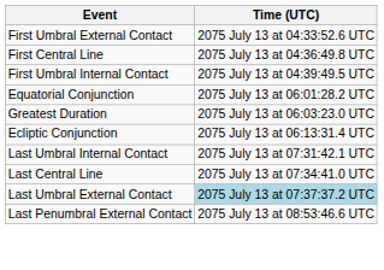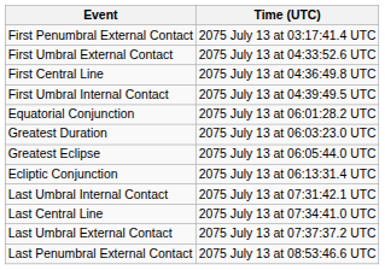 <table class="wikitable">
 <tr>
 <th>Event</th>
 <th>Time (UTC)</th>
+</tr>
+<tr>
+<td>First Penumbral External Contact</td>
+<td>2075 July 13 at 03:17:41.4 UTC</td>
 </tr>
 <tr>
 <td>First Umbral External Contact</td>
 <td>2075 July 13 at 04:33:52.6 UTC</td>
 </tr>
 <tr>
 <td>First Central Line</td>
 <td>2075 July 13 at 04:36:49.8 UTC</td>
 </tr>
 <tr>
 <td>First Umbral Internal Contact</td>
 <td>2075 July 13 at 04:39:49.5 UTC</td>
 </tr>
 <tr>
 <td>Equatorial Conjunction</td>
 <td>2075 July 13 at 06:01:28.2 UTC</td>
 </tr>
 <tr>
 <td>Greatest Duration</td>
 <td>2075 July 13 at 06:03:23.0 UTC</td>
 </tr>
 <tr>
+<td>Greatest Eclipse</td>
+<td>2075 July 13 at 06:05:44.0 UTC</td>
+</tr>
+<tr>
 <td>Ecliptic Conjunction</td>
 <td>2075 July 13 at 06:13:31.4 UTC</td>
 </tr>
 <tr>
 <td>Last Umbral Internal Contact</td>
 <td>2075 July 13 at 07:31:42.1 UTC</td>
 </tr>
 <tr>
 <td>Last Central Line</td>
 <td>2075 July 13 at 07:34:41.0 UTC</td>
 </tr>
 <tr>
 <td>Last Umbral External Contact</td>
-<td style="background: lightblue;">2075 July 13 at 07:37:37.2 UTC</td>
+<td>2075 July 13 at 07:37:37.2 UTC</td>
 </tr>
 <tr>
 <td>Last Penumbral External Contact</td>
 <td>2075 July 13 at 08:53:46.6 UTC</td>
 </tr>
 </table>
